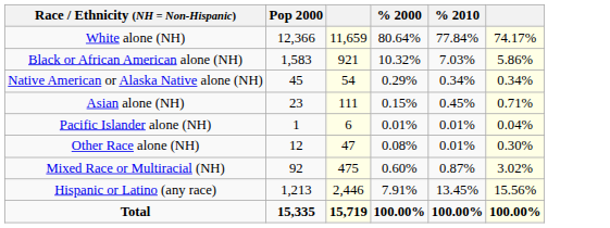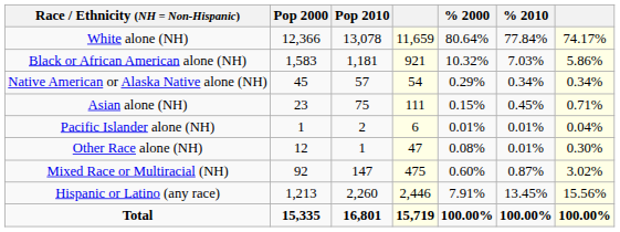 <table class="wikitable" style="text-align:center;">
 <tr>
 <th>Race / Ethnicity <small>(<em>NH = Non-Hispanic</em>)</small></th>
 <th>Pop 2000</th>
+<th>Pop 2010</th>
 <th></th>
 <th>% 2000</th>
 <th>% 2010</th>
 <th></th>
 </tr>
 <tr>
 <td><a href='#'>White</a> alone (NH)</td>
 <td>12,366</td>
+<td>13,078</td>
 <td style='background: #ffffe6;'>11,659</td>
 <td>80.64%</td>
 <td>77.84%</td>
 <td style='background: #ffffe6;'>74.17%</td>
 </tr>
 <tr>
 <td><a href='#'>Black or African American</a> alone (NH)</td>
 <td>1,583</td>
+<td>1,181</td>
 <td style='background: #ffffe6;'>921</td>
 <td>10.32%</td>
 <td>7.03%</td>
 <td style='background: #ffffe6;'>5.86%</td>
 </tr>
 <tr>
 <td><a href='#'>Native American</a> or <a href='#'>Alaska Native</a> alone (NH)</td>
 <td>45</td>
+<td>57</td>
 <td style='background: #ffffe6;'>54</td>
 <td>0.29%</td>
 <td>0.34%</td>
 <td style='background: #ffffe6;'>0.34%</td>
 </tr>
 <tr>
 <td><a href='#'>Asian</a> alone (NH)</td>
 <td>23</td>
+<td>75</td>
 <td style='background: #ffffe6;'>111</td>
 <td>0.15%</td>
 <td>0.45%</td>
 <td style='background: #ffffe6;'>0.71%</td>
 </tr>
 <tr>
 <td><a href='#'>Pacific Islander</a> alone (NH)</td>
 <td>1</td>
+<td>2</td>
 <td style='background: #ffffe6;'>6</td>
 <td>0.01%</td>
 <td>0.01%</td>
 <td style='background: #ffffe6;'>0.04%</td>
 </tr>
 <tr>
 <td><a href='#'>Other Race</a> alone (NH)</td>
 <td>12</td>
+<td>1</td>
 <td style='background: #ffffe6;'>47</td>
 <td>0.08%</td>
 <td>0.01%</td>
 <td style='background: #ffffe6;'>0.30%</td>
 </tr>
 <tr>
 <td><a href='#'>Mixed Race or Multiracial</a> (NH)</td>
 <td>92</td>
+<td>147</td>
 <td style='background: #ffffe6;'>475</td>
 <td>0.60%</td>
 <td>0.87%</td>
 <td style='background: #ffffe6;'>3.02%</td>
 </tr>
 <tr>
 <td><a href='#'>Hispanic or Latino</a> (any race)</td>
 <td>1,213</td>
+<td>2,260</td>
 <td style='background: #ffffe6;'>2,446</td>
 <td>7.91%</td>
 <td>13.45%</td>
 <td style='background: #ffffe6;'>15.56%</td>
 </tr>
 <tr>
 <td><strong>Total</strong></td>
 <td><strong>15,335</strong></td>
+<td><strong>16,801</strong></td>
 <td style='background: #ffffe6;'><strong>15,719</strong></td>
 <td><strong>100.00%</strong></td>
 <td><strong>100.00%</strong></td>
 <td style='background: #ffffe6;'><strong>100.00%</strong></td>
 </tr>
 </table>
